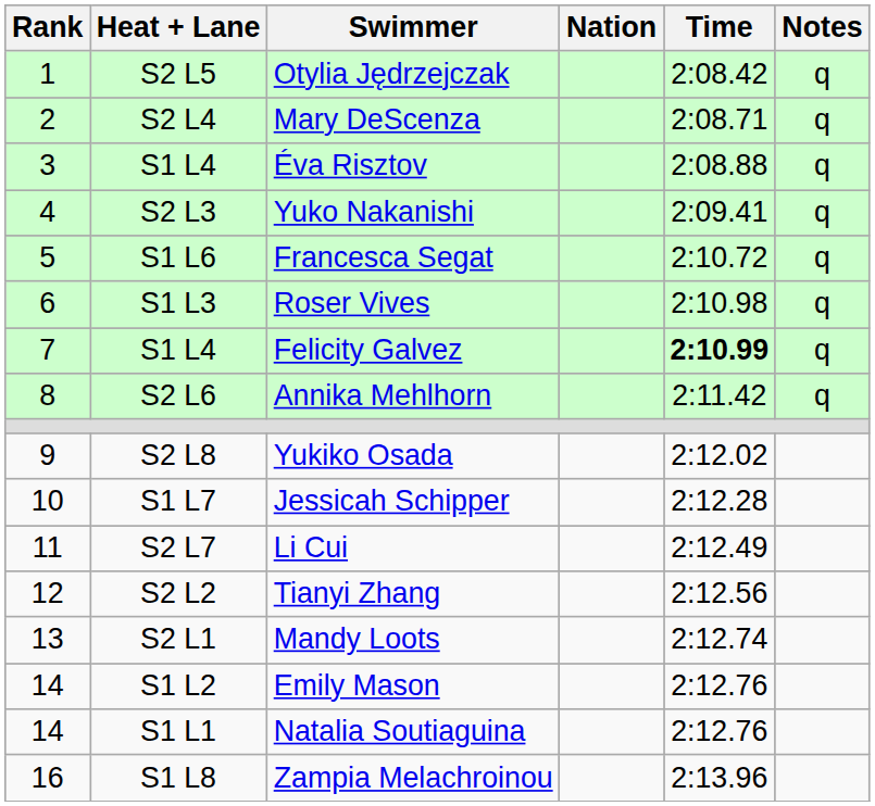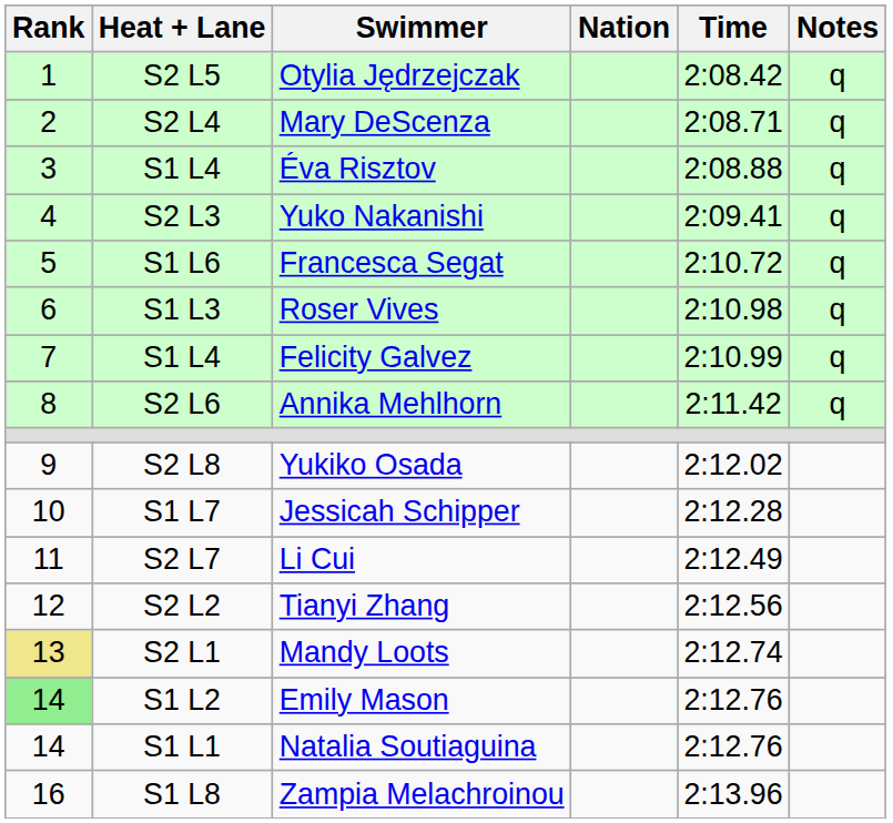 <table class="wikitable sortable" style="text-align:center">
 <tr>
 <th>Rank</th>
 <th>Heat + Lane</th>
 <th>Swimmer</th>
 <th>Nation</th>
 <th>Time</th>
 <th>Notes</th>
 </tr>
 <tr bgcolor=ccffcc>
 <td>1</td>
 <td>S2 L5</td>
 <td align=left><a href='#'>Otylia Jędrzejczak</a></td>
 <td align=left></td>
 <td>2:08.42</td>
 <td>q</td>
 </tr>
 <tr bgcolor=ccffcc>
 <td>2</td>
 <td>S2 L4</td>
 <td align=left><a href='#'>Mary DeScenza</a></td>
 <td align=left></td>
 <td>2:08.71</td>
 <td>q</td>
 </tr>
 <tr bgcolor=ccffcc>
 <td>3</td>
 <td>S1 L4</td>
 <td align=left><a href='#'>Éva Risztov</a></td>
 <td align=left></td>
 <td>2:08.88</td>
 <td>q</td>
 </tr>
 <tr bgcolor=ccffcc>
 <td>4</td>
 <td>S2 L3</td>
 <td align=left><a href='#'>Yuko Nakanishi</a></td>
 <td align=left></td>
 <td>2:09.41</td>
 <td>q</td>
 </tr>
 <tr bgcolor=ccffcc>
 <td>5</td>
 <td>S1 L6</td>
 <td align=left><a href='#'>Francesca Segat</a></td>
 <td align=left></td>
 <td>2:10.72</td>
 <td>q</td>
 </tr>
 <tr bgcolor=ccffcc>
 <td>6</td>
 <td>S1 L3</td>
 <td align=left><a href='#'>Roser Vives</a></td>
 <td align=left></td>
 <td>2:10.98</td>
 <td>q</td>
 </tr>
 <tr bgcolor=ccffcc>
 <td>7</td>
 <td>S1 L4</td>
 <td align=left><a href='#'>Felicity Galvez</a></td>
 <td align=left></td>
-<td><strong>2:10.99</strong></td>
+<td>2:10.99</td>
 <td>q</td>
 </tr>
 <tr bgcolor=ccffcc>
 <td>8</td>
 <td>S2 L6</td>
 <td align=left><a href='#'>Annika Mehlhorn</a></td>
 <td align=left></td>
 <td>2:11.42</td>
 <td>q</td>
 </tr>
 <tr bgcolor=#DDDDDD>
 <td colspan=6></td>
 </tr>
 <tr>
 <td>9</td>
 <td>S2 L8</td>
 <td align=left><a href='#'>Yukiko Osada</a></td>
 <td align=left></td>
 <td>2:12.02</td>
 <td></td>
 </tr>
 <tr>
 <td>10</td>
 <td>S1 L7</td>
 <td align=left><a href='#'>Jessicah Schipper</a></td>
 <td align=left></td>
 <td>2:12.28</td>
 <td></td>
 </tr>
 <tr>
 <td>11</td>
 <td>S2 L7</td>
 <td align=left><a href='#'>Li Cui</a></td>
 <td align=left></td>
 <td>2:12.49</td>
 <td></td>
 </tr>
 <tr>
 <td>12</td>
 <td>S2 L2</td>
 <td align=left><a href='#'>Tianyi Zhang</a></td>
 <td align=left></td>
 <td>2:12.56</td>
 <td></td>
 </tr>
 <tr>
-<td>13</td>
+<td style="background: khaki;">13</td>
 <td>S2 L1</td>
 <td align=left><a href='#'>Mandy Loots</a></td>
 <td align=left></td>
 <td>2:12.74</td>
 <td></td>
 </tr>
 <tr>
-<td>14</td>
+<td style="background: lightgreen;">14</td>
 <td>S1 L2</td>
 <td align=left><a href='#'>Emily Mason</a></td>
 <td align=left></td>
 <td>2:12.76</td>
 <td></td>
 </tr>
 <tr>
 <td>14</td>
 <td>S1 L1</td>
 <td align=left><a href='#'>Natalia Soutiaguina</a></td>
 <td align=left></td>
 <td>2:12.76</td>
 <td></td>
 </tr>
 <tr>
 <td>16</td>
 <td>S1 L8</td>
 <td align=left><a href='#'>Zampia Melachroinou</a></td>
 <td align=left></td>
 <td>2:13.96</td>
 <td></td>
 </tr>
 <tr>
 </tr>
 </table>
